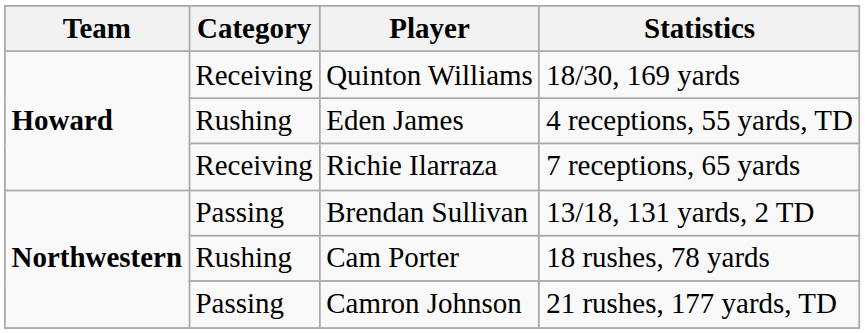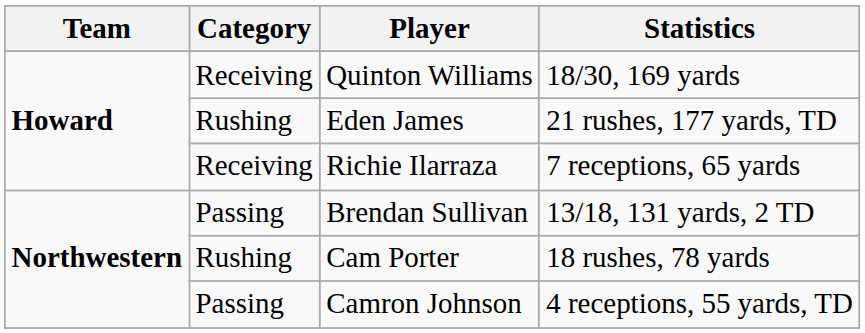 <table class="wikitable" style="float: left;">
 <tr>
 <th>Team</th>
 <th>Category</th>
 <th>Player</th>
 <th>Statistics</th>
 </tr>
 <tr>
 <td rowspan=3><strong>Howard</strong></td>
 <td>Receiving</td>
 <td>Quinton Williams</td>
 <td>18/30, 169 yards</td>
 </tr>
 <tr>
 <td>Rushing</td>
 <td>Eden James</td>
-<td>4 receptions, 55 yards, TD</td>
+<td>21 rushes, 177 yards, TD</td>
 </tr>
 <tr>
 <td>Receiving</td>
 <td>Richie Ilarraza</td>
 <td>7 receptions, 65 yards</td>
 </tr>
 <tr>
 <td rowspan=3><strong>Northwestern</strong></td>
 <td>Passing</td>
 <td>Brendan Sullivan</td>
 <td>13/18, 131 yards, 2 TD</td>
 </tr>
 <tr>
 <td>Rushing</td>
 <td>Cam Porter</td>
 <td>18 rushes, 78 yards</td>
 </tr>
 <tr>
 <td>Passing</td>
 <td>Camron Johnson</td>
-<td>21 rushes, 177 yards, TD</td>
+<td>4 receptions, 55 yards, TD</td>
 </tr>
 </table>
